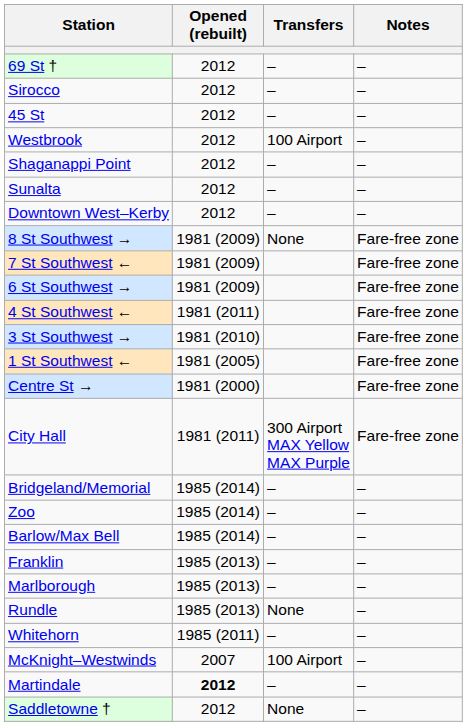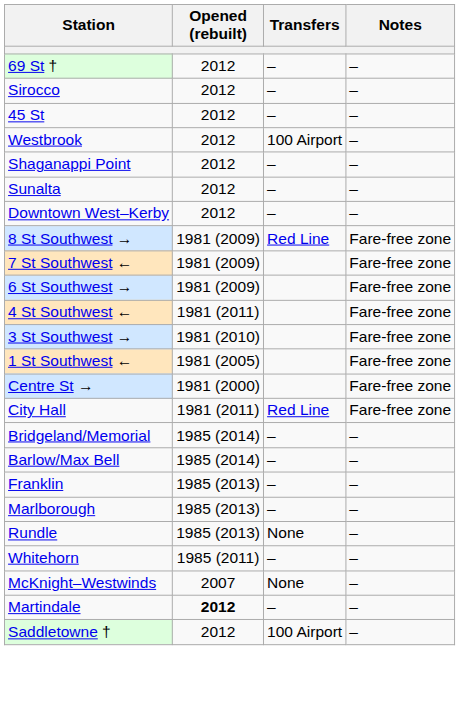 <table class="wikitable sortable">
 <tr>
 <th>Station</th>
 <th>Opened<br>(rebuilt)</th>
 <th>Transfers</th>
 <th>Notes</th>
 </tr>
 <tr>
 <th colspan=4 style="background:#"></th>
 </tr>
 <tr>
 <td style="background-color:#ddffdd"><a href='#'>69 St</a> †</td>
 <td align="center">2012</td>
 <td>–</td>
 <td>–</td>
 </tr>
 <tr>
 <td><a href='#'>Sirocco</a></td>
 <td align="center">2012</td>
 <td>–</td>
 <td>–</td>
 </tr>
 <tr>
 <td><a href='#'>45 St</a></td>
 <td align="center">2012</td>
 <td>–</td>
 <td>–</td>
 </tr>
 <tr>
 <td><a href='#'>Westbrook</a></td>
 <td align="center">2012</td>
 <td>100 Airport</td>
 <td>–</td>
 </tr>
 <tr>
 <td><a href='#'>Shaganappi Point</a></td>
 <td align="center">2012</td>
 <td>–</td>
 <td>–</td>
 </tr>
 <tr>
 <td><a href='#'>Sunalta</a></td>
 <td align="center">2012</td>
 <td>–</td>
 <td>–</td>
 </tr>
 <tr>
 <td><a href='#'>Downtown West–Kerby</a></td>
 <td align="center">2012</td>
 <td>–</td>
 <td>–</td>
 </tr>
 <tr>
 <td style="background-color:#D0E7FF"><a href='#'>8 St Southwest</a> →</td>
 <td align="center">1981 (2009)</td>
-<td>None</td>
+<td> <a href='#'>Red Line</a></td>
 <td>Fare-free zone</td>
 </tr>
 <tr>
 <td style="background-color:#FFE6BD"><a href='#'>7 St Southwest</a> ←</td>
 <td align="center">1981 (2009)</td>
 <td></td>
 <td>Fare-free zone</td>
 </tr>
 <tr>
 <td style="background-color:#D0E7FF"><a href='#'>6 St Southwest</a> →</td>
 <td align="center">1981 (2009)</td>
 <td></td>
 <td>Fare-free zone</td>
 </tr>
 <tr>
 <td style="background-color:#FFE6BD"><a href='#'>4 St Southwest</a> ←</td>
 <td align="center">1981 (2011)</td>
 <td></td>
 <td>Fare-free zone</td>
 </tr>
 <tr>
 <td style="background-color:#D0E7FF"><a href='#'>3 St Southwest</a> →</td>
 <td align="center">1981 (2010)</td>
 <td></td>
 <td>Fare-free zone</td>
 </tr>
 <tr>
 <td style ="background-color:#FFE6BD"><a href='#'>1 St Southwest</a> ←</td>
 <td align="center">1981 (2005)</td>
 <td></td>
 <td>Fare-free zone</td>
 </tr>
 <tr>
 <td style="background-color:#D0E7FF"><a href='#'>Centre St</a> →</td>
 <td align="center">1981 (2000)</td>
 <td></td>
 <td>Fare-free zone</td>
 </tr>
 <tr>
 <td><a href='#'>City Hall</a></td>
 <td align="center">1981 (2011)</td>
-<td><br>300 Airport<br> <a href='#'>MAX Yellow</a><br> <a href='#'>MAX Purple</a></td>
+<td> <a href='#'>Red Line</a></td>
 <td>Fare-free zone</td>
 </tr>
 <tr>
 <td><a href='#'>Bridgeland/Memorial</a></td>
-<td align="center">1985 (2014)</td>
-<td>–</td>
-<td>–</td>
-</tr>
-<tr>
-<td><a href='#'>Zoo</a></td>
 <td align="center">1985 (2014)</td>
 <td>–</td>
 <td>–</td>
 </tr>
 <tr>
 <td><a href='#'>Barlow/Max Bell</a></td>
 <td align="center">1985 (2014)</td>
 <td>–</td>
 <td>–</td>
 </tr>
 <tr>
 <td><a href='#'>Franklin</a></td>
 <td align="center">1985 (2013)</td>
 <td>–</td>
 <td>–</td>
 </tr>
 <tr>
 <td><a href='#'>Marlborough</a></td>
 <td align="center">1985 (2013)</td>
 <td>–</td>
 <td>–</td>
 </tr>
 <tr>
 <td><a href='#'>Rundle</a></td>
 <td align="center">1985 (2013)</td>
 <td>None</td>
 <td>–</td>
 </tr>
 <tr>
 <td><a href='#'>Whitehorn</a></td>
 <td align="center">1985 (2011)</td>
 <td>–</td>
 <td>–</td>
 </tr>
 <tr>
 <td><a href='#'>McKnight–Westwinds</a></td>
 <td align="center">2007</td>
-<td>100 Airport</td>
+<td>None</td>
 <td>–</td>
 </tr>
 <tr>
 <td><a href='#'>Martindale</a></td>
 <td align="center"><strong>2012</strong></td>
 <td>–</td>
 <td>–</td>
 </tr>
 <tr>
 <td style="background-color:#ddffdd"><a href='#'>Saddletowne</a> †</td>
 <td align="center">2012</td>
-<td>None</td>
+<td>100 Airport</td>
 <td>–</td>
 </tr>
 </table>
